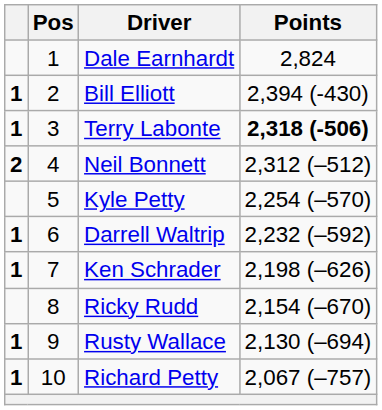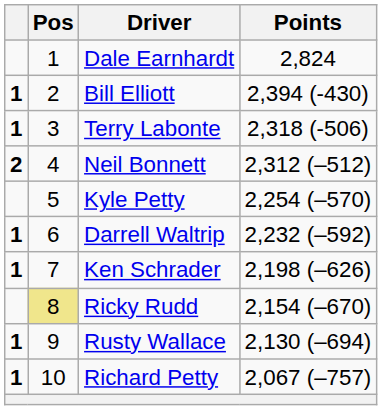 <table class="wikitable" style="font-size: 95%;">
 <tr>
 <th></th>
 <th>Pos</th>
 <th>Driver</th>
 <th>Points</th>
 </tr>
 <tr>
 <td align="left"></td>
 <td style="text-align:center;">1</td>
 <td><a href='#'>Dale Earnhardt</a></td>
 <td style="text-align:center;">2,824</td>
 </tr>
 <tr>
 <td align="left">  <strong>1</strong></td>
 <td style="text-align:center;">2</td>
 <td><a href='#'>Bill Elliott</a></td>
 <td style="text-align:center;">2,394 (-430)</td>
 </tr>
 <tr>
 <td align="left">  <strong>1</strong></td>
 <td style="text-align:center;">3</td>
 <td><a href='#'>Terry Labonte</a></td>
-<td style="text-align:center;"><strong>2,318 (-506)</strong></td>
+<td style="text-align:center;">2,318 (-506)</td>
 </tr>
 <tr>
 <td align="left">  <strong>2</strong></td>
 <td style="text-align:center;">4</td>
 <td><a href='#'>Neil Bonnett</a></td>
 <td style="text-align:center;">2,312 (–512)</td>
 </tr>
 <tr>
 <td align="left"></td>
 <td style="text-align:center;">5</td>
 <td><a href='#'>Kyle Petty</a></td>
 <td style="text-align:center;">2,254 (–570)</td>
 </tr>
 <tr>
 <td align="left">  <strong>1</strong></td>
 <td style="text-align:center;">6</td>
 <td><a href='#'>Darrell Waltrip</a></td>
 <td style="text-align:center;">2,232 (–592)</td>
 </tr>
 <tr>
 <td align="left">  <strong>1</strong></td>
 <td style="text-align:center;">7</td>
 <td><a href='#'>Ken Schrader</a></td>
 <td style="text-align:center;">2,198 (–626)</td>
 </tr>
 <tr>
 <td align="left"></td>
-<td style="text-align:center;">8</td>
+<td style="background: khaki; text-align:center;">8</td>
 <td><a href='#'>Ricky Rudd</a></td>
 <td style="text-align:center;">2,154 (–670)</td>
 </tr>
 <tr>
 <td align="left">  <strong>1</strong></td>
 <td style="text-align:center;">9</td>
 <td><a href='#'>Rusty Wallace</a></td>
 <td style="text-align:center;">2,130 (–694)</td>
 </tr>
 <tr>
 <td align="left">  <strong>1</strong></td>
 <td style="text-align:center;">10</td>
 <td><a href='#'>Richard Petty</a></td>
 <td style="text-align:center;">2,067 (–757)</td>
 </tr>
 <tr class="sortbottom">
 <th colspan="9"></th>
 </tr>
 </table>
